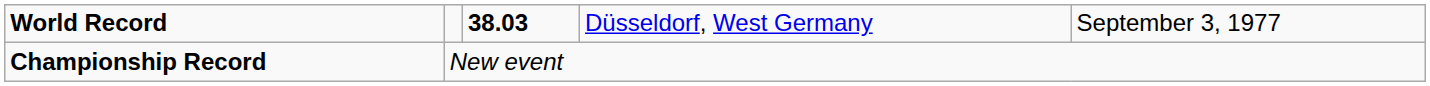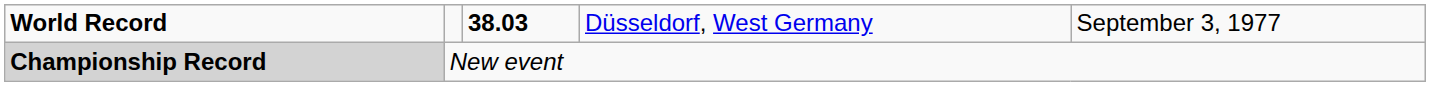 <table class="wikitable" width=75%>
 <tr>
 <td><strong>World Record</strong></td>
 <td></td>
 <td><strong>38.03</strong></td>
 <td><a href='#'>Düsseldorf</a>, <a href='#'>West Germany</a></td>
 <td>September 3, 1977</td>
 </tr>
 <tr>
-<td><strong>Championship Record</strong></td>
+<td style="background: lightgrey;"><strong>Championship Record</strong></td>
 <td colspan="4"><em>New event</em></td>
 </tr>
 </table>
